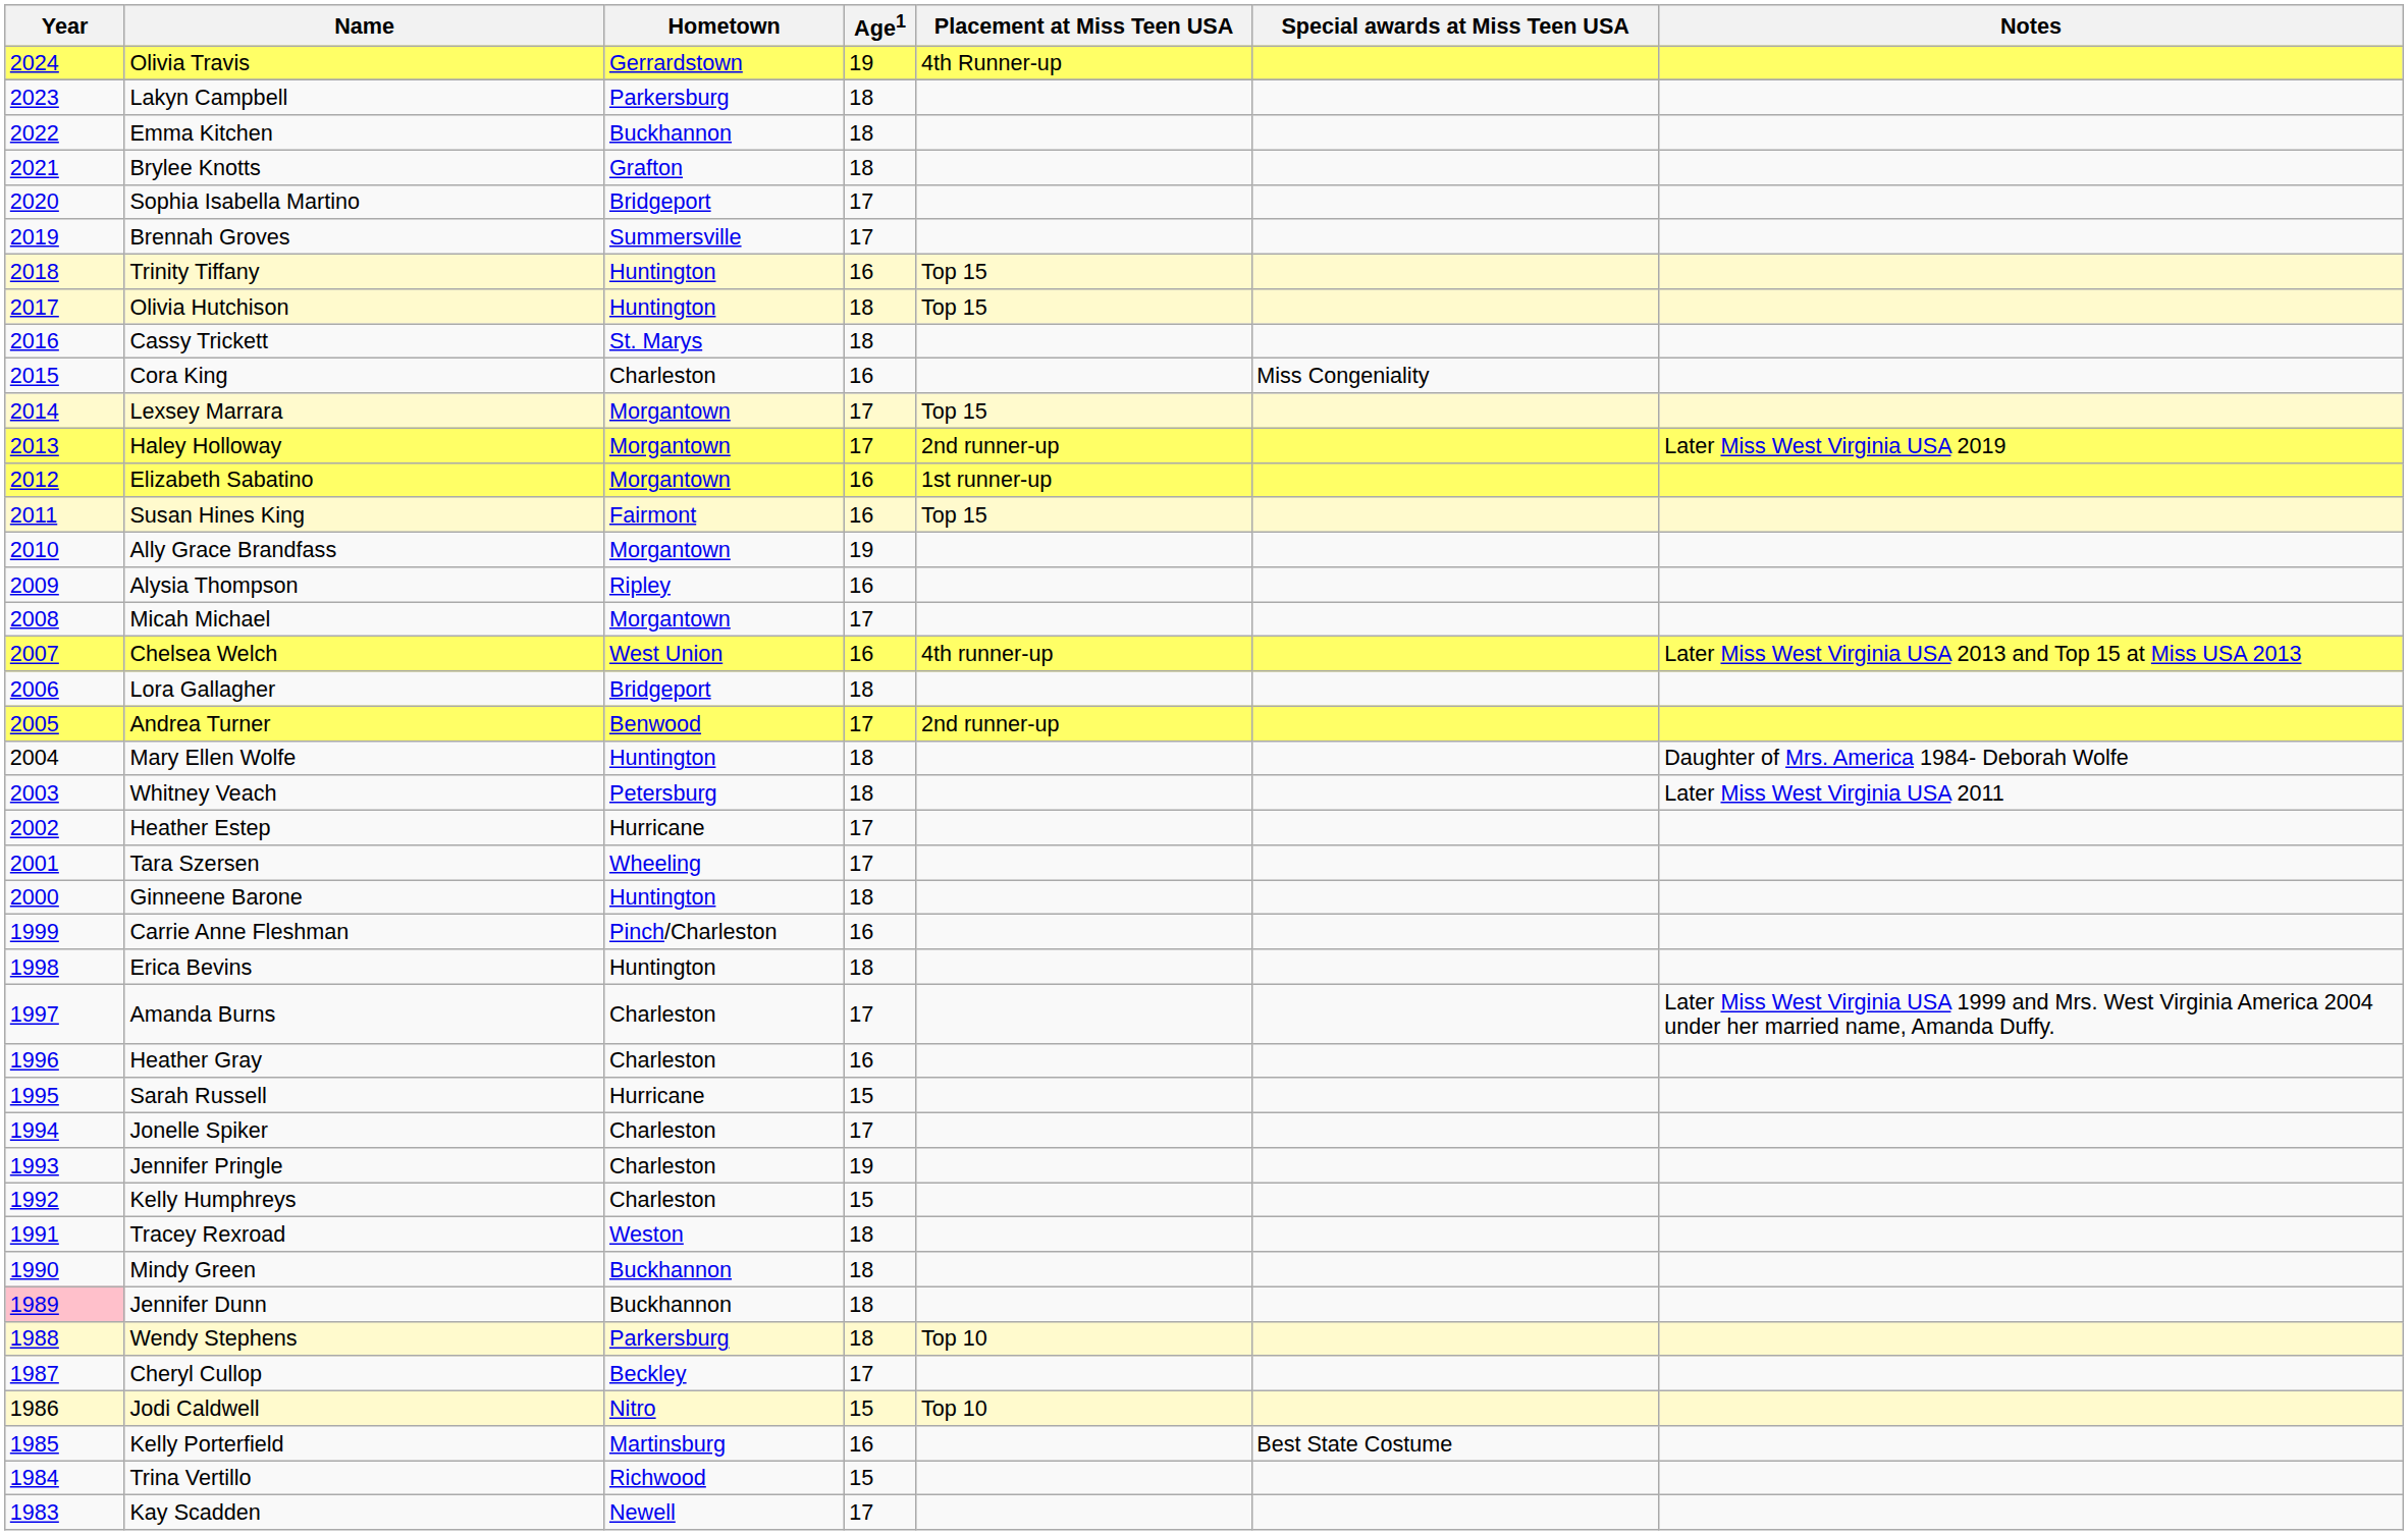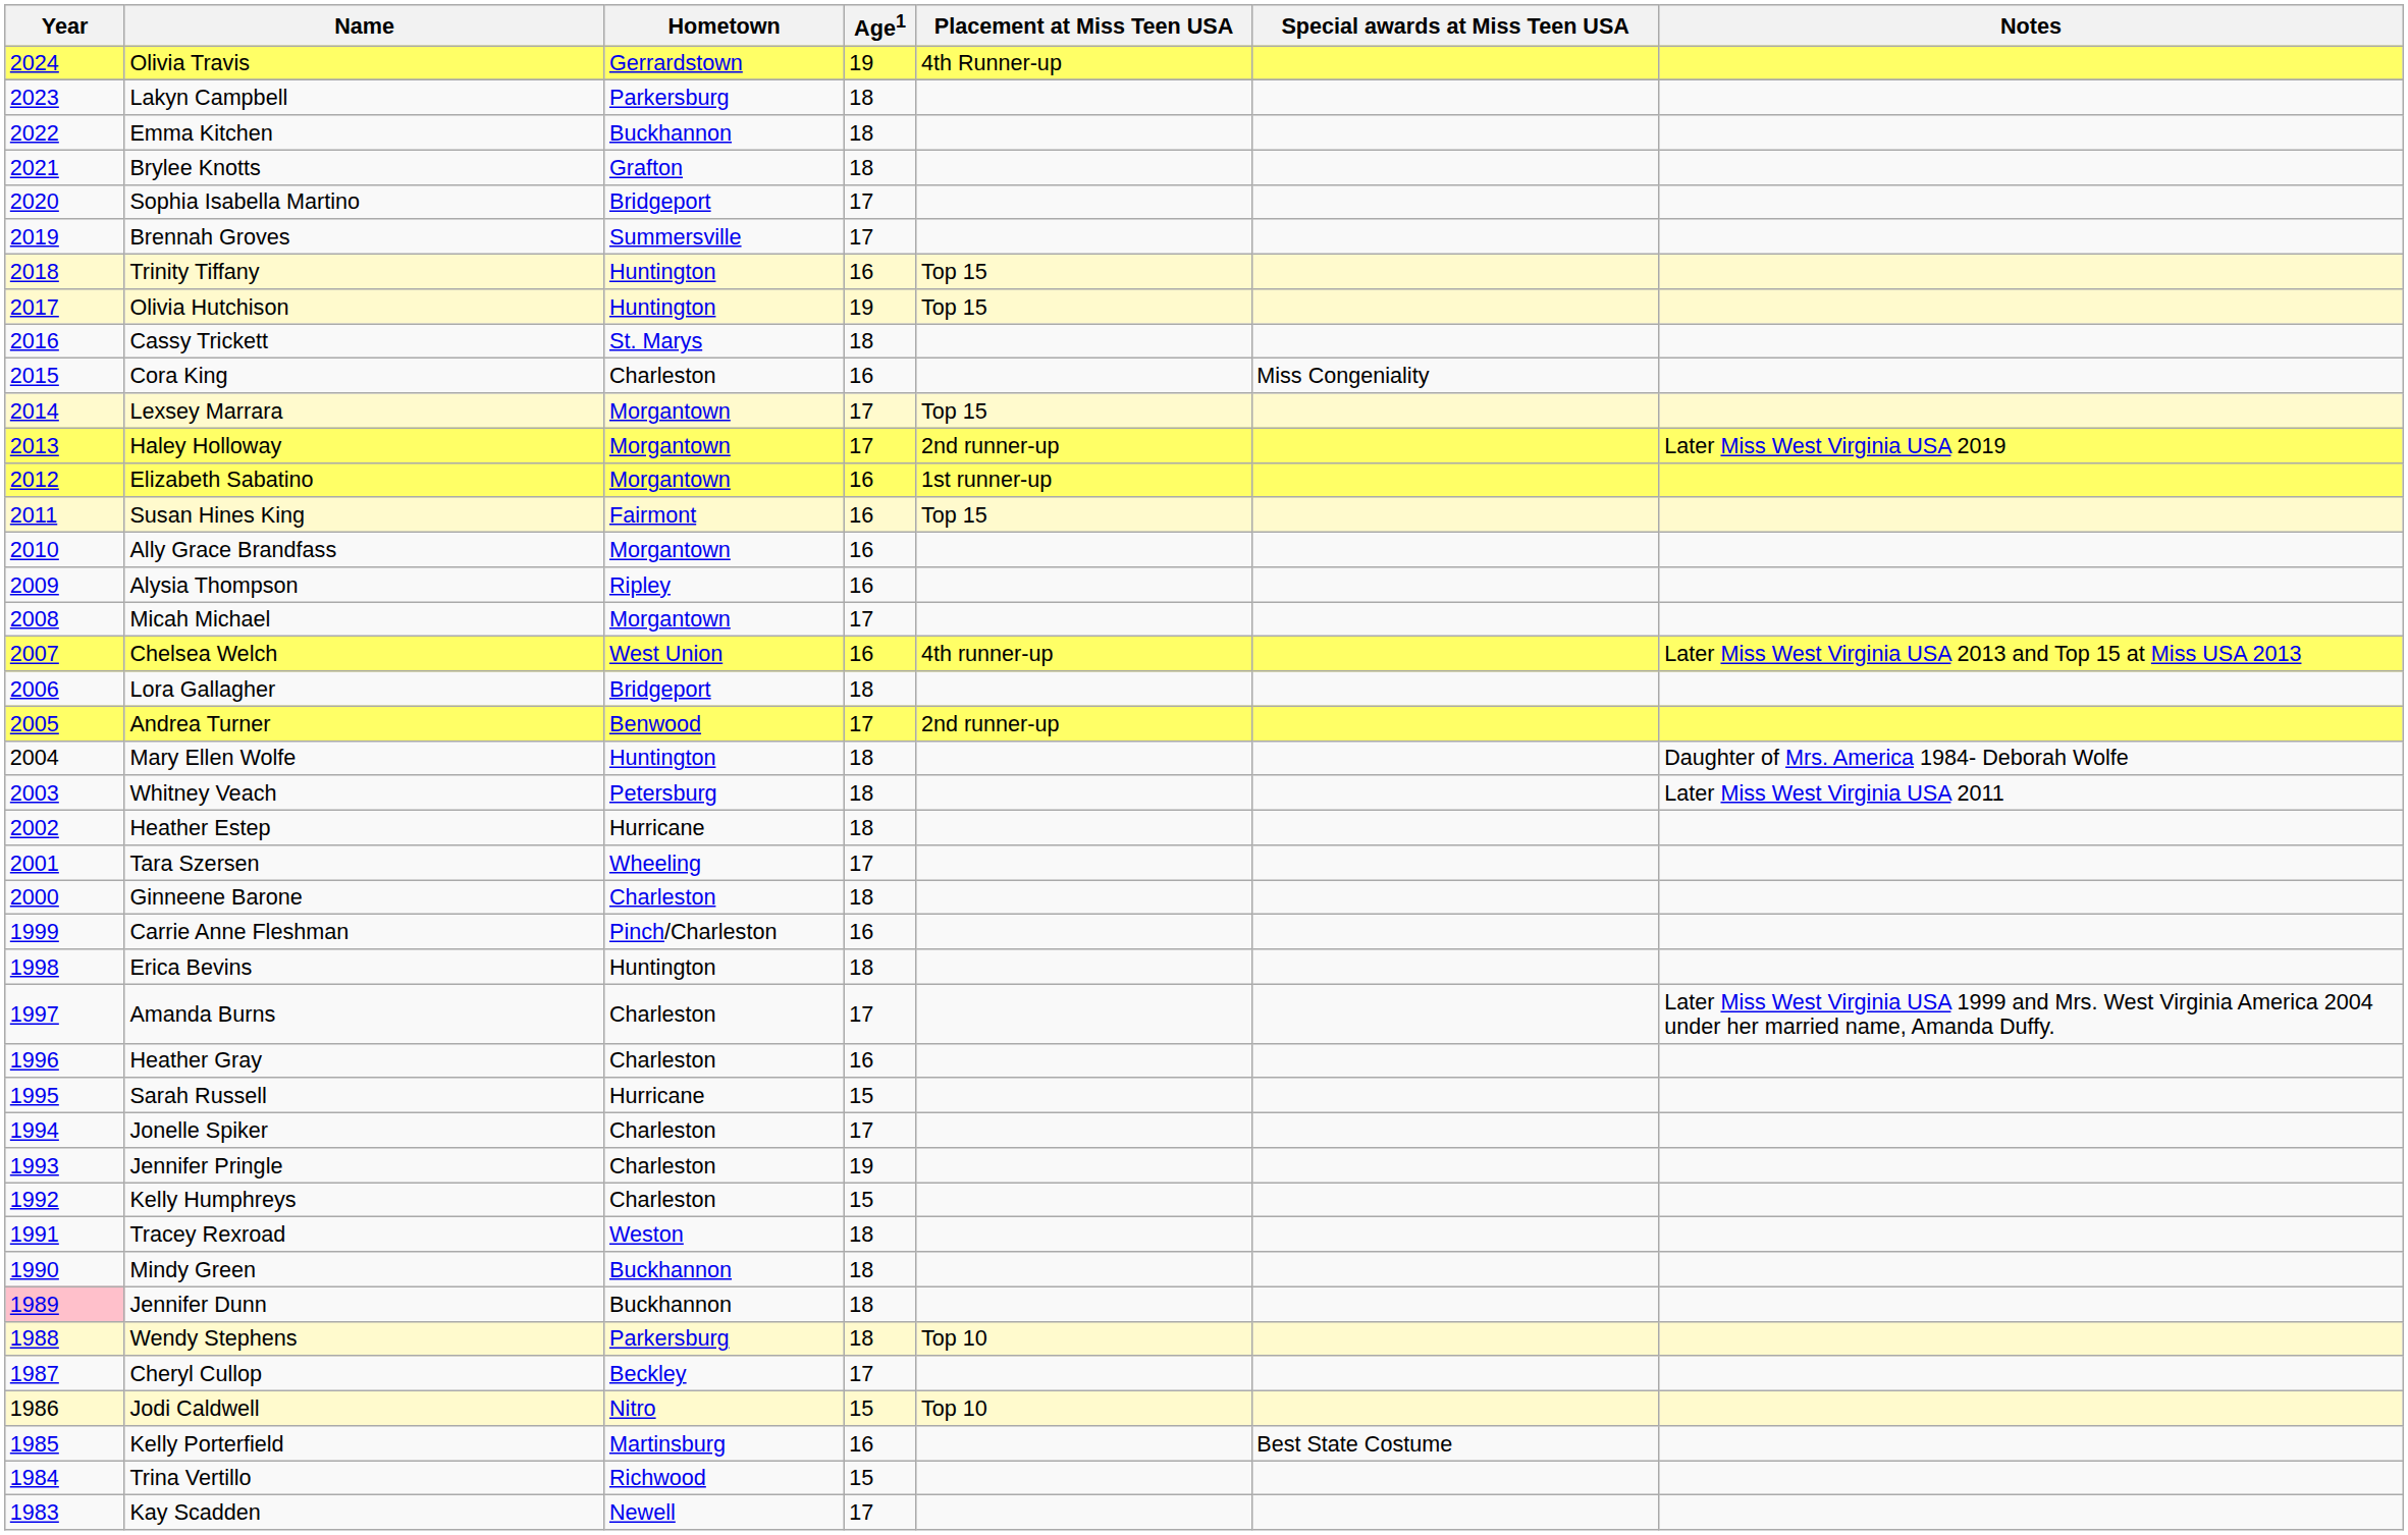 <table class="wikitable"style="font-size:90%;">
 <tr bgcolor="#efefef">
 <th width=5%>Year</th>
 <th width=20%>Name</th>
 <th width=10%>Hometown</th>
 <th width=3%>Age<sup>1</sup></th>
 <th width=14%>Placement at Miss Teen USA</th>
 <th width=17%>Special awards at Miss Teen  USA</th>
 <th width=31%>Notes</th>
 </tr>
 <tr style="background-color:#FFFF66;">
 <td><a href='#'>2024</a></td>
 <td>Olivia Travis</td>
 <td><a href='#'>Gerrardstown</a></td>
 <td>19</td>
 <td>4th Runner-up</td>
 <td></td>
 <td></td>
 </tr>
 <tr>
 </tr>
 <tr>
 <td><a href='#'>2023</a></td>
 <td>Lakyn Campbell</td>
 <td><a href='#'>Parkersburg</a></td>
 <td>18</td>
 <td></td>
 <td></td>
 <td></td>
 </tr>
 <tr>
 <td><a href='#'>2022</a></td>
 <td>Emma Kitchen</td>
 <td><a href='#'>Buckhannon</a></td>
 <td>18</td>
 <td></td>
 <td></td>
 <td></td>
 </tr>
 <tr>
 <td><a href='#'>2021</a></td>
 <td>Brylee Knotts</td>
 <td><a href='#'>Grafton</a></td>
 <td>18</td>
 <td></td>
 <td></td>
 <td></td>
 </tr>
 <tr>
 <td><a href='#'>2020</a></td>
 <td>Sophia Isabella Martino</td>
 <td><a href='#'>Bridgeport</a></td>
 <td>17</td>
 <td></td>
 <td></td>
 <td></td>
 </tr>
 <tr>
 <td><a href='#'>2019</a></td>
 <td>Brennah Groves</td>
 <td><a href='#'>Summersville</a></td>
 <td>17</td>
 <td></td>
 <td></td>
 <td></td>
 </tr>
 <tr style="background-color:#FFFACD;”">
 <td><a href='#'>2018</a></td>
 <td>Trinity Tiffany</td>
 <td><a href='#'>Huntington</a></td>
 <td>16</td>
 <td>Top 15</td>
 <td></td>
 <td></td>
 </tr>
 <tr style="background-color:#FFFACD;">
 <td><a href='#'>2017</a></td>
 <td>Olivia Hutchison</td>
 <td><a href='#'>Huntington</a></td>
-<td>18</td>
+<td>19</td>
 <td>Top 15</td>
 <td></td>
 <td></td>
 </tr>
 <tr>
 <td><a href='#'>2016</a></td>
 <td>Cassy Trickett</td>
 <td><a href='#'>St. Marys</a></td>
 <td>18</td>
 <td></td>
 <td></td>
 <td></td>
 </tr>
 <tr>
 <td><a href='#'>2015</a></td>
 <td>Cora King</td>
 <td>Charleston</td>
 <td>16</td>
 <td></td>
 <td>Miss Congeniality</td>
 <td></td>
 </tr>
 <tr style="background-color:#FFFACD;”">
 <td><a href='#'>2014</a></td>
 <td>Lexsey Marrara</td>
 <td><a href='#'>Morgantown</a></td>
 <td>17</td>
 <td>Top 15</td>
 <td></td>
 <td></td>
 </tr>
 <tr style="background-color:#FFFF66;”">
 <td><a href='#'>2013</a></td>
 <td>Haley Holloway</td>
 <td><a href='#'>Morgantown</a></td>
 <td>17</td>
 <td>2nd runner-up</td>
 <td></td>
 <td>Later <a href='#'>Miss West Virginia USA</a> 2019</td>
 </tr>
 <tr style="background-color:#FFFF66;”">
 <td><a href='#'>2012</a></td>
 <td>Elizabeth Sabatino</td>
 <td><a href='#'>Morgantown</a></td>
 <td>16</td>
 <td>1st runner-up</td>
 <td></td>
 <td></td>
 </tr>
 <tr style="background-color:#FFFACD;”">
 <td><a href='#'>2011</a></td>
 <td>Susan Hines King</td>
 <td><a href='#'>Fairmont</a></td>
 <td>16</td>
 <td>Top 15</td>
 <td></td>
 <td></td>
 </tr>
 <tr>
 <td><a href='#'>2010</a></td>
 <td>Ally Grace Brandfass</td>
 <td><a href='#'>Morgantown</a></td>
-<td>19</td>
+<td>16</td>
 <td></td>
 <td></td>
 <td></td>
 </tr>
 <tr>
 <td><a href='#'>2009</a></td>
 <td>Alysia Thompson</td>
 <td><a href='#'>Ripley</a></td>
 <td>16</td>
 <td></td>
 <td></td>
 <td></td>
 </tr>
 <tr>
 <td><a href='#'>2008</a></td>
 <td>Micah Michael</td>
 <td><a href='#'>Morgantown</a></td>
 <td>17</td>
 <td></td>
 <td></td>
 <td></td>
 </tr>
 <tr style="background-color:#FFFF66;”">
 <td><a href='#'>2007</a></td>
 <td>Chelsea Welch</td>
 <td><a href='#'>West Union</a></td>
 <td>16</td>
 <td>4th runner-up</td>
 <td></td>
 <td>Later <a href='#'>Miss West Virginia USA</a> 2013 and Top 15 at <a href='#'>Miss USA 2013</a></td>
 </tr>
 <tr>
 <td><a href='#'>2006</a></td>
 <td>Lora Gallagher</td>
 <td><a href='#'>Bridgeport</a></td>
 <td>18</td>
 <td></td>
 <td></td>
 <td></td>
 </tr>
 <tr style="background-color:#FFFF66;”">
 <td><a href='#'>2005</a></td>
 <td>Andrea Turner</td>
 <td><a href='#'>Benwood</a></td>
 <td>17</td>
 <td>2nd runner-up</td>
 <td></td>
 <td></td>
 </tr>
 <tr>
 <td>2004</td>
 <td>Mary Ellen Wolfe</td>
 <td><a href='#'>Huntington</a></td>
 <td>18</td>
 <td></td>
 <td></td>
 <td>Daughter of <a href='#'>Mrs. America</a> 1984- Deborah Wolfe</td>
 </tr>
 <tr>
 <td><a href='#'>2003</a></td>
 <td>Whitney Veach</td>
 <td><a href='#'>Petersburg</a></td>
 <td>18</td>
 <td></td>
 <td></td>
 <td>Later <a href='#'>Miss West Virginia USA</a> 2011</td>
 </tr>
 <tr>
 <td><a href='#'>2002</a></td>
 <td>Heather Estep</td>
 <td>Hurricane</td>
-<td>17</td>
+<td>18</td>
 <td></td>
 <td></td>
 <td></td>
 </tr>
 <tr>
 <td><a href='#'>2001</a></td>
 <td>Tara Szersen</td>
 <td><a href='#'>Wheeling</a></td>
 <td>17</td>
 <td></td>
 <td></td>
 <td></td>
 </tr>
 <tr>
 <td><a href='#'>2000</a></td>
 <td>Ginneene Barone</td>
-<td><a href='#'>Huntington</a></td>
+<td><a href='#'>Charleston</a></td>
 <td>18</td>
 <td></td>
 <td></td>
 <td></td>
 </tr>
 <tr>
 <td><a href='#'>1999</a></td>
 <td>Carrie Anne Fleshman</td>
 <td><a href='#'>Pinch</a>/Charleston</td>
 <td>16</td>
 <td></td>
 <td></td>
 <td></td>
 </tr>
 <tr>
 <td><a href='#'>1998</a></td>
 <td>Erica Bevins</td>
 <td>Huntington</td>
 <td>18</td>
 <td></td>
 <td></td>
 <td></td>
 </tr>
 <tr>
 <td><a href='#'>1997</a></td>
 <td>Amanda Burns</td>
 <td>Charleston</td>
 <td>17</td>
 <td></td>
 <td></td>
 <td>Later <a href='#'>Miss West Virginia USA</a> 1999 and Mrs. West Virginia America 2004 under her married name, Amanda Duffy.</td>
 </tr>
 <tr>
 <td><a href='#'>1996</a></td>
 <td>Heather Gray</td>
 <td>Charleston</td>
 <td>16</td>
 <td></td>
 <td></td>
 <td></td>
 </tr>
 <tr>
 <td><a href='#'>1995</a></td>
 <td>Sarah Russell</td>
 <td>Hurricane</td>
 <td>15</td>
 <td></td>
 <td></td>
 <td></td>
 </tr>
 <tr>
 <td><a href='#'>1994</a></td>
 <td>Jonelle Spiker</td>
 <td>Charleston</td>
 <td>17</td>
 <td></td>
 <td></td>
 <td></td>
 </tr>
 <tr>
 <td><a href='#'>1993</a></td>
 <td>Jennifer Pringle</td>
 <td>Charleston</td>
 <td>19</td>
 <td></td>
 <td></td>
 <td></td>
 </tr>
 <tr>
 <td><a href='#'>1992</a></td>
 <td>Kelly Humphreys</td>
 <td>Charleston</td>
 <td>15</td>
 <td></td>
 <td></td>
 <td></td>
 </tr>
 <tr>
 <td><a href='#'>1991</a></td>
 <td>Tracey Rexroad</td>
 <td><a href='#'>Weston</a></td>
 <td>18</td>
 <td></td>
 <td></td>
 <td></td>
 </tr>
 <tr>
 <td><a href='#'>1990</a></td>
 <td>Mindy Green</td>
 <td><a href='#'>Buckhannon</a></td>
 <td>18</td>
 <td></td>
 <td></td>
 <td></td>
 </tr>
 <tr>
 <td style="background: pink;"><a href='#'>1989</a></td>
 <td>Jennifer Dunn</td>
 <td>Buckhannon</td>
 <td>18</td>
 <td></td>
 <td></td>
 <td></td>
 </tr>
 <tr style="background-color:#FFFACD;”">
 <td><a href='#'>1988</a></td>
 <td>Wendy Stephens</td>
 <td><a href='#'>Parkersburg</a></td>
 <td>18</td>
 <td>Top 10</td>
 <td></td>
 <td></td>
 </tr>
 <tr>
 <td><a href='#'>1987</a></td>
 <td>Cheryl Cullop</td>
 <td><a href='#'>Beckley</a></td>
 <td>17</td>
 <td></td>
 <td></td>
 <td></td>
 </tr>
 <tr style="background-color:#FFFACD;”">
 <td>1986</td>
 <td>Jodi Caldwell</td>
 <td><a href='#'>Nitro</a></td>
 <td>15</td>
 <td>Top 10</td>
 <td></td>
 <td></td>
 </tr>
 <tr>
 <td><a href='#'>1985</a></td>
 <td>Kelly Porterfield</td>
 <td><a href='#'>Martinsburg</a></td>
 <td>16</td>
 <td></td>
 <td>Best State Costume</td>
 <td></td>
 </tr>
 <tr>
 <td><a href='#'>1984</a></td>
 <td>Trina Vertillo</td>
 <td><a href='#'>Richwood</a></td>
 <td>15</td>
 <td></td>
 <td></td>
 <td></td>
 </tr>
 <tr>
 <td><a href='#'>1983</a></td>
 <td>Kay Scadden</td>
 <td><a href='#'>Newell</a></td>
 <td>17</td>
 <td></td>
 <td></td>
 <td></td>
 </tr>
 </table>
